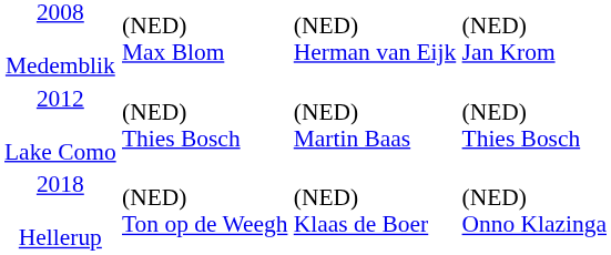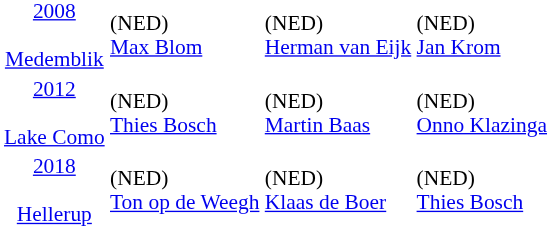 <table>
 <tr>
 <td align=center><a href='#'>2008</a><br><br><a href='#'>Medemblik</a></td>
 <td> (NED)<br><a href='#'>Max Blom</a></td>
 <td> (NED)<br><a href='#'>Herman van Eijk</a></td>
 <td> (NED)<br><a href='#'>Jan Krom</a></td>
 </tr>
 <tr>
 <td align=center><a href='#'>2012</a><br><br><a href='#'>Lake Como</a></td>
 <td> (NED)<br><a href='#'>Thies Bosch</a></td>
 <td> (NED)<br><a href='#'>Martin Baas</a></td>
-<td> (NED)<br><a href='#'>Thies Bosch</a></td>
+<td> (NED)<br><a href='#'>Onno Klazinga</a></td>
 </tr>
 <tr>
 <td align=center><a href='#'>2018</a><br><br><a href='#'>Hellerup</a></td>
 <td> (NED)<br><a href='#'>Ton op de Weegh</a></td>
 <td> (NED)<br><a href='#'>Klaas de Boer</a></td>
-<td> (NED)<br><a href='#'>Onno Klazinga</a></td>
+<td> (NED)<br><a href='#'>Thies Bosch</a></td>
 </tr>
 <tr>
 </tr>
 </table>
